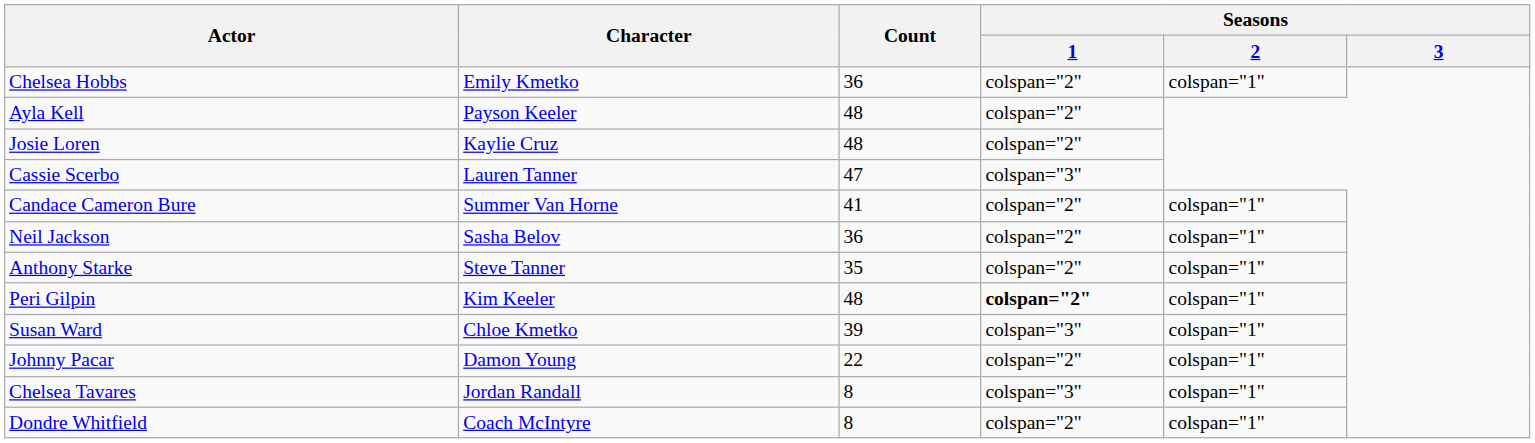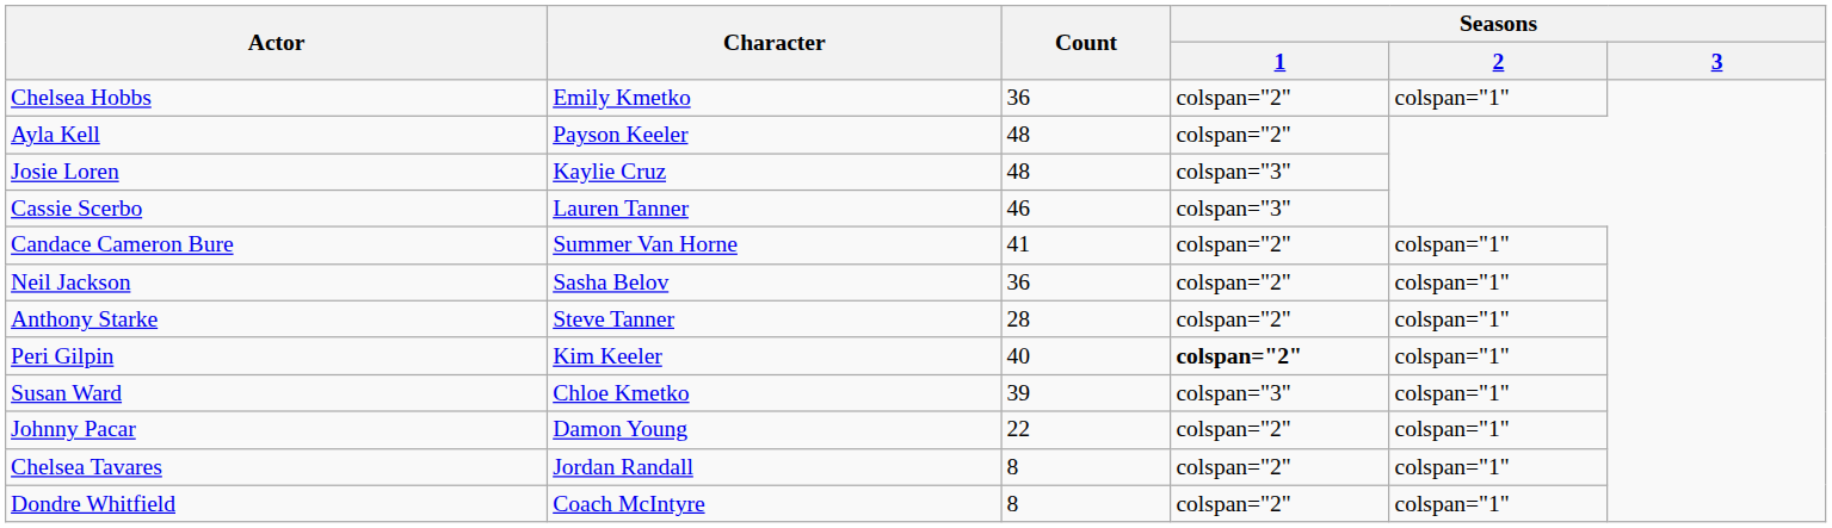 <table class="wikitable" width="99%">
 <tr>
 <th rowspan="2">Actor</th>
 <th rowspan="2">Character</th>
 <th rowspan="2">Count</th>
 <th colspan="3">Seasons</th>
 </tr>
 <tr>
 <th style="width:12%;"><a href='#'>1</a></th>
 <th style="width:12%;"><a href='#'>2</a></th>
 <th style="width:12%;"><a href='#'>3</a></th>
 </tr>
 <tr>
 <td><a href='#'>Chelsea Hobbs</a></td>
 <td><a href='#'>Emily Kmetko</a></td>
 <td>36</td>
 <td>colspan="2" </td>
 <td>colspan="1" </td>
 </tr>
 <tr>
 <td><a href='#'>Ayla Kell</a></td>
 <td><a href='#'>Payson Keeler</a></td>
 <td>48</td>
 <td>colspan="2" </td>
 </tr>
 <tr>
 <td><a href='#'>Josie Loren</a></td>
 <td><a href='#'>Kaylie Cruz</a></td>
 <td>48</td>
-<td>colspan="2" </td>
+<td>colspan="3" </td>
 </tr>
 <tr>
 <td><a href='#'>Cassie Scerbo</a></td>
 <td><a href='#'>Lauren Tanner</a></td>
-<td>47</td>
+<td>46</td>
 <td>colspan="3" </td>
 </tr>
 <tr>
 <td><a href='#'>Candace Cameron Bure</a></td>
 <td><a href='#'>Summer Van Horne</a></td>
 <td>41</td>
 <td>colspan="2" </td>
 <td>colspan="1" </td>
 </tr>
 <tr>
 <td><a href='#'>Neil Jackson</a></td>
 <td><a href='#'>Sasha Belov</a></td>
 <td>36</td>
 <td>colspan="2" </td>
 <td>colspan="1" </td>
 </tr>
 <tr>
 <td><a href='#'>Anthony Starke</a></td>
 <td><a href='#'>Steve Tanner</a></td>
-<td>35</td>
+<td>28</td>
 <td>colspan="2" </td>
 <td>colspan="1" </td>
 </tr>
 <tr>
 <td><a href='#'>Peri Gilpin</a></td>
 <td><a href='#'>Kim Keeler</a></td>
-<td>48</td>
+<td>40</td>
 <td><strong>colspan="2" </strong></td>
 <td>colspan="1" </td>
 </tr>
 <tr>
 <td><a href='#'>Susan Ward</a></td>
 <td><a href='#'>Chloe Kmetko</a></td>
 <td>39</td>
 <td>colspan="3" </td>
 <td>colspan="1" </td>
 </tr>
 <tr>
 <td><a href='#'>Johnny Pacar</a></td>
 <td><a href='#'>Damon Young</a></td>
 <td>22</td>
 <td>colspan="2" </td>
 <td>colspan="1" </td>
 </tr>
 <tr>
 <td><a href='#'>Chelsea Tavares</a></td>
 <td><a href='#'>Jordan Randall</a></td>
 <td>8</td>
-<td>colspan="3" </td>
+<td>colspan="2" </td>
 <td>colspan="1" </td>
 </tr>
 <tr>
 <td><a href='#'>Dondre Whitfield</a></td>
 <td><a href='#'>Coach McIntyre</a></td>
 <td>8</td>
 <td>colspan="2" </td>
 <td>colspan="1" </td>
 </tr>
 </table>
